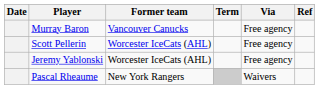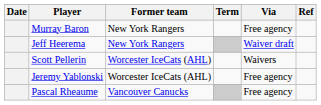 <table class="wikitable plainrowheaders">
 <tr style="background:#ddd; text-align:center;">
 <th>Date</th>
 <th>Player</th>
 <th>Former team</th>
 <th>Term</th>
 <th>Via</th>
 <th>Ref</th>
 </tr>
 <tr>
 <th scope="row"></th>
 <td><a href='#'>Murray Baron</a></td>
-<td><a href='#'>Vancouver Canucks</a></td>
+<td>New York Rangers</td>
 <td></td>
 <td>Free agency</td>
+<td></td>
+</tr>
+<tr>
+<th scope="row"></th>
+<td><a href='#'>Jeff Heerema</a></td>
+<td><a href='#'>New York Rangers</a></td>
+<td style="background:#ccc"></td>
+<td><a href='#'>Waiver draft</a></td>
 <td></td>
 </tr>
 <tr>
 <th scope="row"></th>
 <td><a href='#'>Scott Pellerin</a></td>
 <td><a href='#'>Worcester IceCats</a> (<a href='#'>AHL</a>)</td>
 <td></td>
-<td>Free agency</td>
+<td>Waivers</td>
 <td></td>
 </tr>
 <tr>
 <th scope="row"></th>
 <td><a href='#'>Jeremy Yablonski</a></td>
 <td>Worcester IceCats (AHL)</td>
 <td></td>
 <td>Free agency</td>
 <td></td>
 </tr>
 <tr>
 <th scope="row"></th>
 <td><a href='#'>Pascal Rheaume</a></td>
-<td>New York Rangers</td>
+<td><a href='#'>Vancouver Canucks</a></td>
 <td style="background:#ccc"></td>
-<td>Waivers</td>
+<td>Free agency</td>
 <td></td>
 </tr>
 </table>
